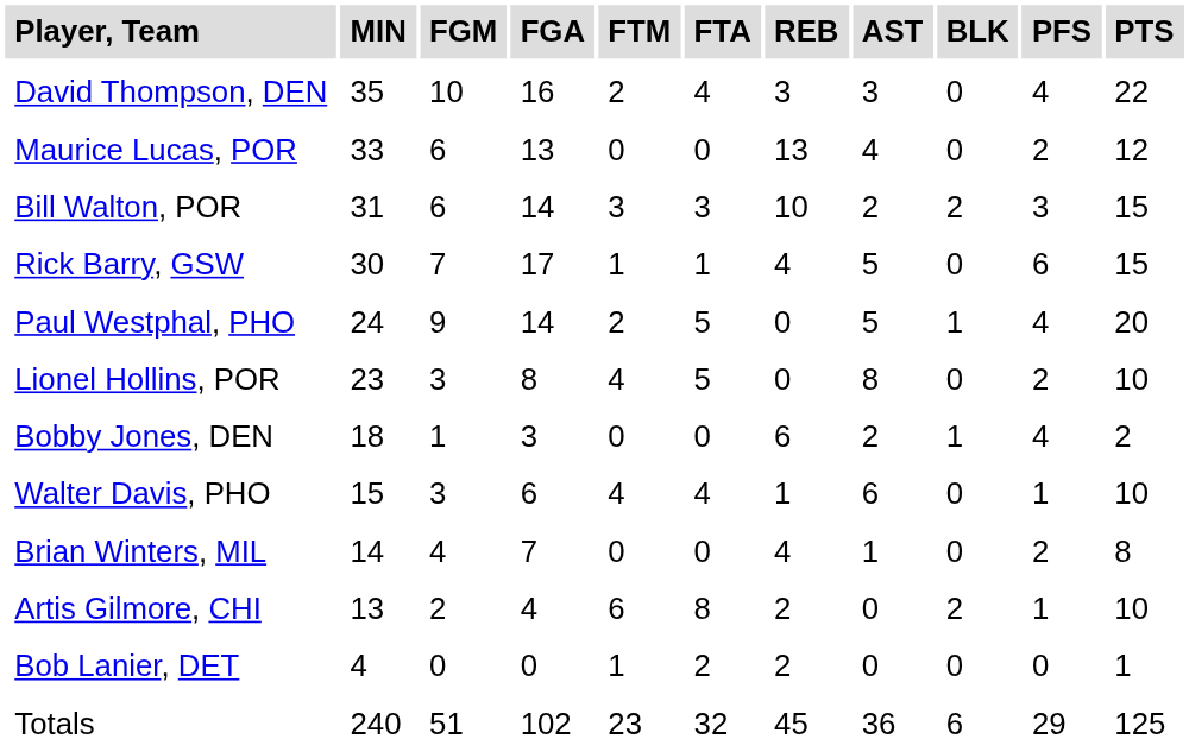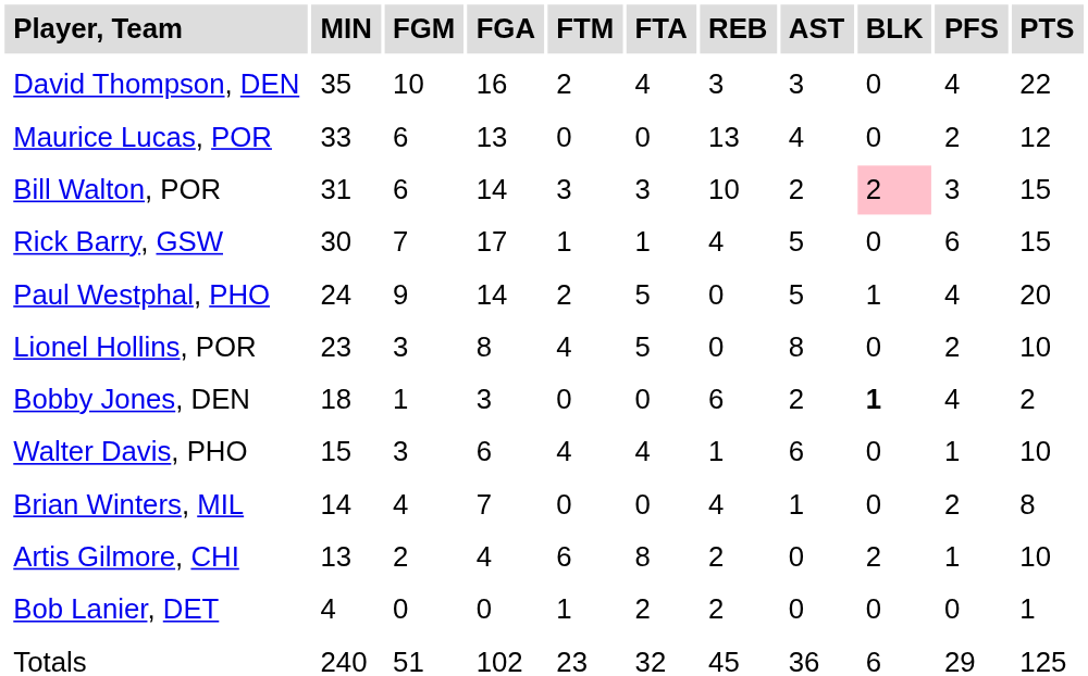 <table cellpadding=5>
 <tr bgcolor="#dddddd">
 <td><strong>Player, Team</strong></td>
 <td><strong>MIN</strong></td>
 <td><strong>FGM</strong></td>
 <td><strong>FGA</strong></td>
 <td><strong>FTM</strong></td>
 <td><strong>FTA</strong></td>
 <td><strong>REB</strong></td>
 <td><strong>AST</strong></td>
 <td><strong>BLK</strong></td>
 <td><strong>PFS</strong></td>
 <td><strong>PTS</strong></td>
 </tr>
 <tr bgcolor="#eeeeee">
 </tr>
 <tr>
 <td><a href='#'>David Thompson</a>, <a href='#'>DEN</a></td>
 <td>35</td>
 <td>10</td>
 <td>16</td>
 <td>2</td>
 <td>4</td>
 <td>3</td>
 <td>3</td>
 <td>0</td>
 <td>4</td>
 <td>22</td>
 </tr>
 <tr>
 <td><a href='#'>Maurice Lucas</a>, <a href='#'>POR</a></td>
 <td>33</td>
 <td>6</td>
 <td>13</td>
 <td>0</td>
 <td>0</td>
 <td>13</td>
 <td>4</td>
 <td>0</td>
 <td>2</td>
 <td>12</td>
 </tr>
 <tr>
 <td><a href='#'>Bill Walton</a>, POR</td>
 <td>31</td>
 <td>6</td>
 <td>14</td>
 <td>3</td>
 <td>3</td>
 <td>10</td>
 <td>2</td>
-<td>2</td>
+<td style="background: pink;">2</td>
 <td>3</td>
 <td>15</td>
 </tr>
 <tr>
 <td><a href='#'>Rick Barry</a>, <a href='#'>GSW</a></td>
 <td>30</td>
 <td>7</td>
 <td>17</td>
 <td>1</td>
 <td>1</td>
 <td>4</td>
 <td>5</td>
 <td>0</td>
 <td>6</td>
 <td>15</td>
 </tr>
 <tr>
 <td><a href='#'>Paul Westphal</a>, <a href='#'>PHO</a></td>
 <td>24</td>
 <td>9</td>
 <td>14</td>
 <td>2</td>
 <td>5</td>
 <td>0</td>
 <td>5</td>
 <td>1</td>
 <td>4</td>
 <td>20</td>
 </tr>
 <tr>
 <td><a href='#'>Lionel Hollins</a>, POR</td>
 <td>23</td>
 <td>3</td>
 <td>8</td>
 <td>4</td>
 <td>5</td>
 <td>0</td>
 <td>8</td>
 <td>0</td>
 <td>2</td>
 <td>10</td>
 </tr>
 <tr>
 <td><a href='#'>Bobby Jones</a>, DEN</td>
 <td>18</td>
 <td>1</td>
 <td>3</td>
 <td>0</td>
 <td>0</td>
 <td>6</td>
 <td>2</td>
-<td>1</td>
+<td><strong>1</strong></td>
 <td>4</td>
 <td>2</td>
 </tr>
 <tr>
 <td><a href='#'>Walter Davis</a>, PHO</td>
 <td>15</td>
 <td>3</td>
 <td>6</td>
 <td>4</td>
 <td>4</td>
 <td>1</td>
 <td>6</td>
 <td>0</td>
 <td>1</td>
 <td>10</td>
 </tr>
 <tr>
 <td><a href='#'>Brian Winters</a>, <a href='#'>MIL</a></td>
 <td>14</td>
 <td>4</td>
 <td>7</td>
 <td>0</td>
 <td>0</td>
 <td>4</td>
 <td>1</td>
 <td>0</td>
 <td>2</td>
 <td>8</td>
 </tr>
 <tr>
 <td><a href='#'>Artis Gilmore</a>, <a href='#'>CHI</a></td>
 <td>13</td>
 <td>2</td>
 <td>4</td>
 <td>6</td>
 <td>8</td>
 <td>2</td>
 <td>0</td>
 <td>2</td>
 <td>1</td>
 <td>10</td>
 </tr>
 <tr>
 <td><a href='#'>Bob Lanier</a>, <a href='#'>DET</a></td>
 <td>4</td>
 <td>0</td>
 <td>0</td>
 <td>1</td>
 <td>2</td>
 <td>2</td>
 <td>0</td>
 <td>0</td>
 <td>0</td>
 <td>1</td>
 </tr>
 <tr>
 <td>Totals</td>
 <td>240</td>
 <td>51</td>
 <td>102</td>
 <td>23</td>
 <td>32</td>
 <td>45</td>
 <td>36</td>
 <td>6</td>
 <td>29</td>
 <td>125</td>
 </tr>
 <tr>
 </tr>
 </table>
